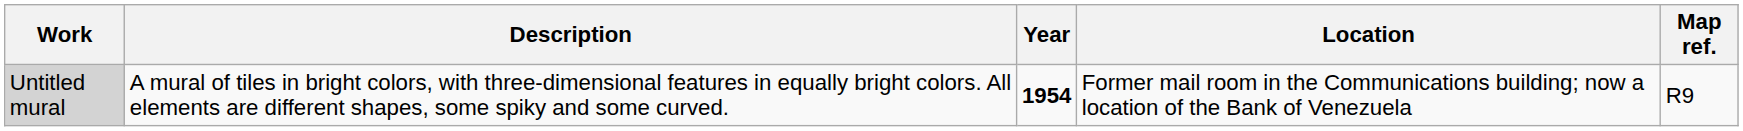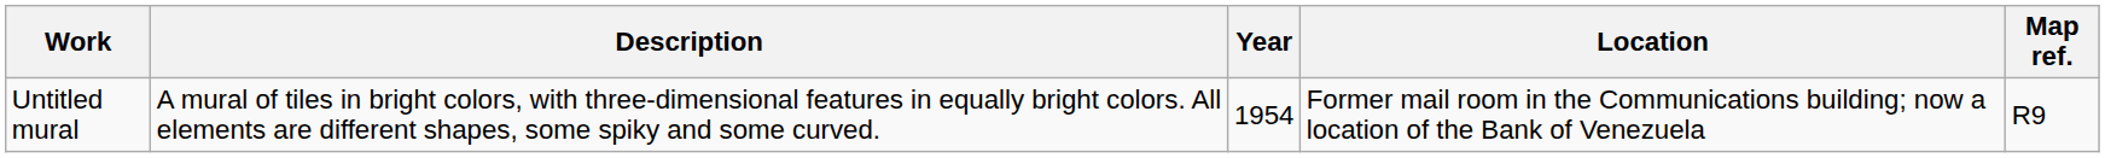 <table class="wikitable">
 <tr>
 <th>Work</th>
 <th>Description</th>
 <th>Year</th>
 <th>Location</th>
 <th>Map ref.</th>
 </tr>
 <tr>
-<td style="background: lightgrey;">Untitled mural</td>
+<td>Untitled mural</td>
 <td>A mural of tiles in bright colors, with three-dimensional features in equally bright colors. All elements are different shapes, some spiky and some curved.</td>
-<td><strong>1954</strong></td>
+<td>1954</td>
 <td>Former mail room in the Communications building; now a location of the Bank of Venezuela</td>
 <td>R9</td>
 </tr>
 </table>
